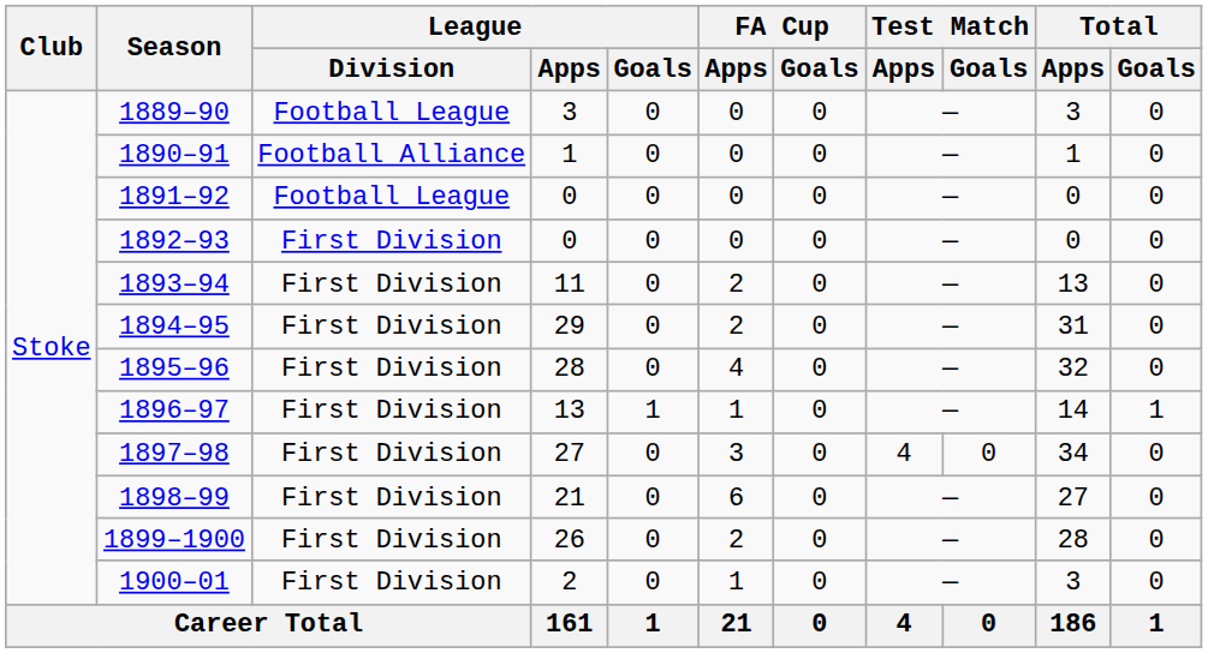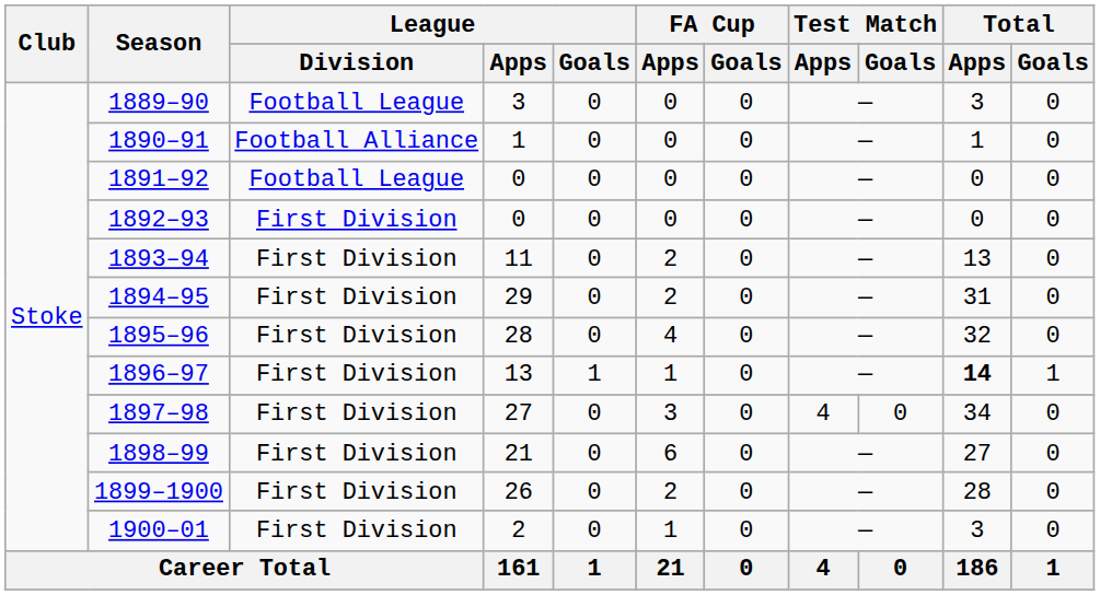 <table class="wikitable" style="text-align: center;">
 <tr>
 <th rowspan="2">Club</th>
 <th rowspan="2">Season</th>
 <th colspan="3">League</th>
 <th colspan="2">FA Cup</th>
 <th colspan="2">Test Match</th>
 <th colspan="2">Total</th>
 </tr>
 <tr>
 <th>Division</th>
 <th>Apps</th>
 <th>Goals</th>
 <th>Apps</th>
 <th>Goals</th>
 <th>Apps</th>
 <th>Goals</th>
 <th>Apps</th>
 <th>Goals</th>
 </tr>
 <tr>
 <td rowspan="12"><a href='#'>Stoke</a></td>
 <td><a href='#'>1889–90</a></td>
 <td><a href='#'>Football League</a></td>
 <td>3</td>
 <td>0</td>
 <td>0</td>
 <td>0</td>
 <td colspan="2">—</td>
 <td>3</td>
 <td>0</td>
 </tr>
 <tr>
 <td><a href='#'>1890–91</a></td>
 <td><a href='#'>Football Alliance</a></td>
 <td>1</td>
 <td>0</td>
 <td>0</td>
 <td>0</td>
 <td colspan="2">—</td>
 <td>1</td>
 <td>0</td>
 </tr>
 <tr>
 <td><a href='#'>1891–92</a></td>
 <td><a href='#'>Football League</a></td>
 <td>0</td>
 <td>0</td>
 <td>0</td>
 <td>0</td>
 <td colspan="2">—</td>
 <td>0</td>
 <td>0</td>
 </tr>
 <tr>
 <td><a href='#'>1892–93</a></td>
 <td><a href='#'>First Division</a></td>
 <td>0</td>
 <td>0</td>
 <td>0</td>
 <td>0</td>
 <td colspan="2">—</td>
 <td>0</td>
 <td>0</td>
 </tr>
 <tr>
 <td><a href='#'>1893–94</a></td>
 <td>First Division</td>
 <td>11</td>
 <td>0</td>
 <td>2</td>
 <td>0</td>
 <td colspan="2">—</td>
 <td>13</td>
 <td>0</td>
 </tr>
 <tr>
 <td><a href='#'>1894–95</a></td>
 <td>First Division</td>
 <td>29</td>
 <td>0</td>
 <td>2</td>
 <td>0</td>
 <td colspan="2">—</td>
 <td>31</td>
 <td>0</td>
 </tr>
 <tr>
 <td><a href='#'>1895–96</a></td>
 <td>First Division</td>
 <td>28</td>
 <td>0</td>
 <td>4</td>
 <td>0</td>
 <td colspan="2">—</td>
 <td>32</td>
 <td>0</td>
 </tr>
 <tr>
 <td><a href='#'>1896–97</a></td>
 <td>First Division</td>
 <td>13</td>
 <td>1</td>
 <td>1</td>
 <td>0</td>
 <td colspan="2">—</td>
-<td>14</td>
+<td><strong>14</strong></td>
 <td>1</td>
 </tr>
 <tr>
 <td><a href='#'>1897–98</a></td>
 <td>First Division</td>
 <td>27</td>
 <td>0</td>
 <td>3</td>
 <td>0</td>
 <td>4</td>
 <td>0</td>
 <td>34</td>
 <td>0</td>
 </tr>
 <tr>
 <td><a href='#'>1898–99</a></td>
 <td>First Division</td>
 <td>21</td>
 <td>0</td>
 <td>6</td>
 <td>0</td>
 <td colspan="2">—</td>
 <td>27</td>
 <td>0</td>
 </tr>
 <tr>
 <td><a href='#'>1899–1900</a></td>
 <td>First Division</td>
 <td>26</td>
 <td>0</td>
 <td>2</td>
 <td>0</td>
 <td colspan="2">—</td>
 <td>28</td>
 <td>0</td>
 </tr>
 <tr>
 <td><a href='#'>1900–01</a></td>
 <td>First Division</td>
 <td>2</td>
 <td>0</td>
 <td>1</td>
 <td>0</td>
 <td colspan="2">—</td>
 <td>3</td>
 <td>0</td>
 </tr>
 <tr>
 <th colspan="3">Career Total</th>
 <th>161</th>
 <th>1</th>
 <th>21</th>
 <th>0</th>
 <th>4</th>
 <th>0</th>
 <th>186</th>
 <th>1</th>
 </tr>
 </table>
